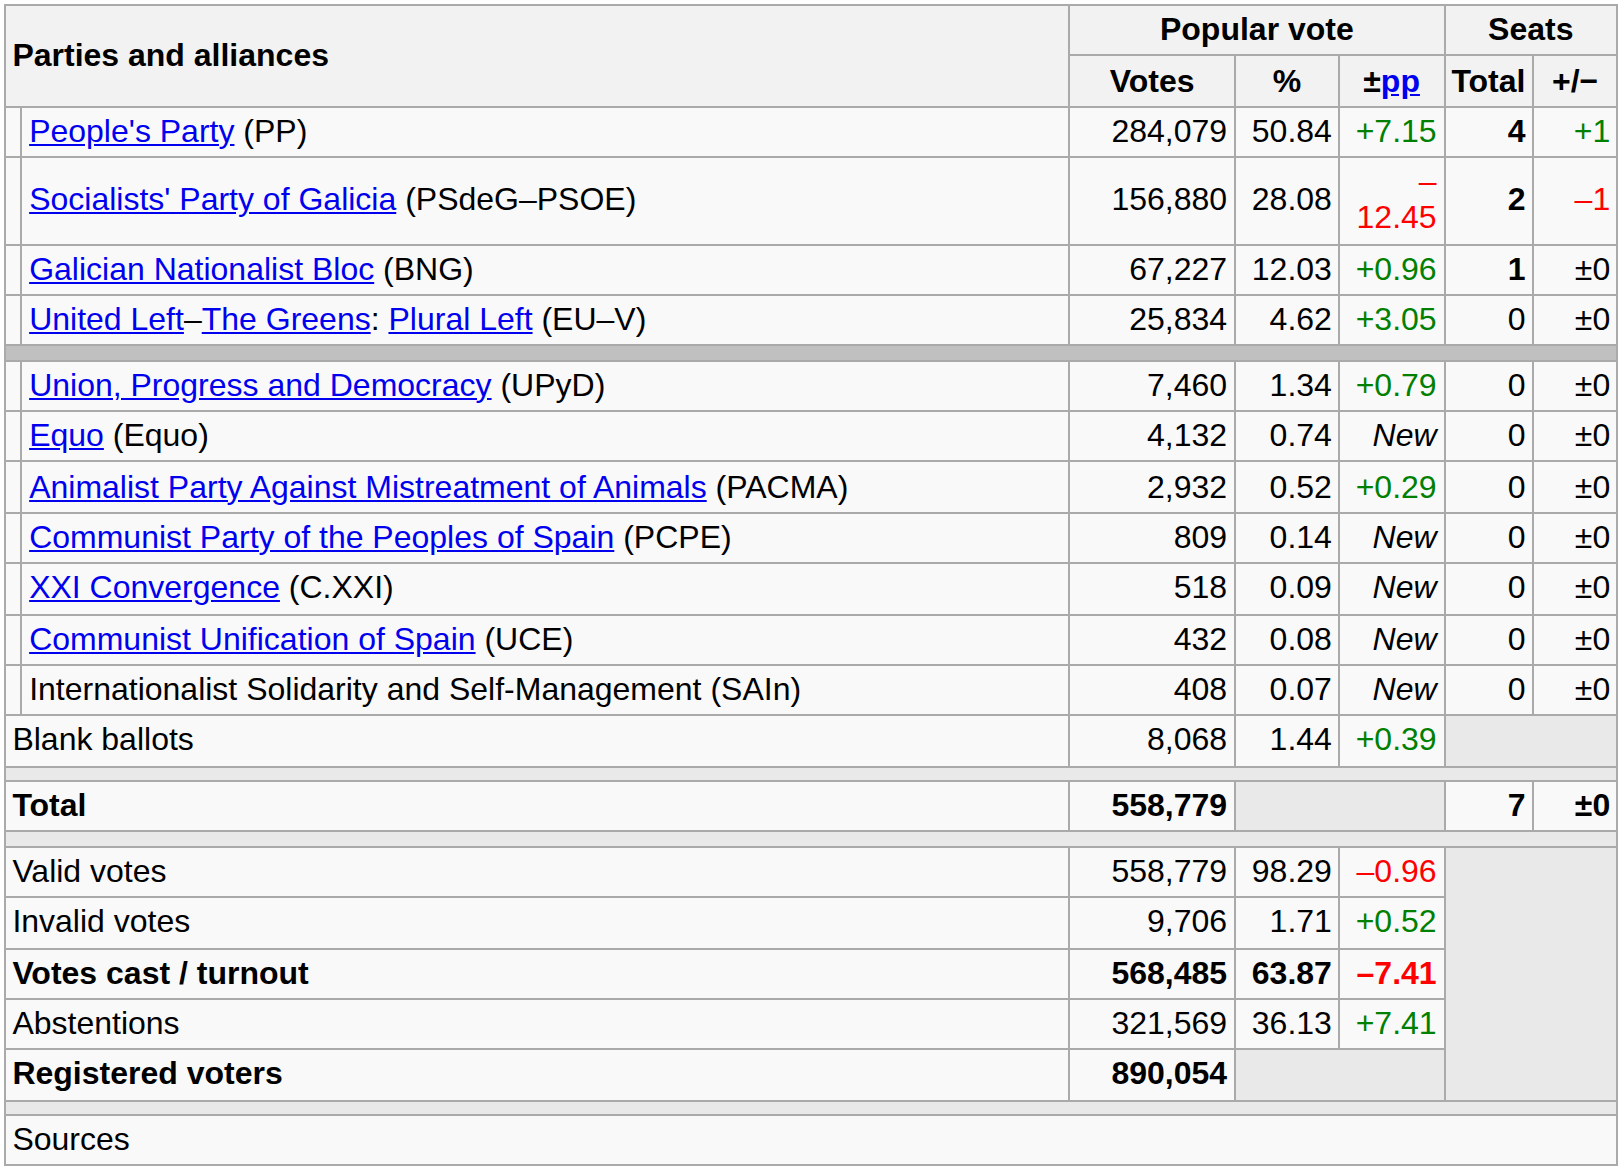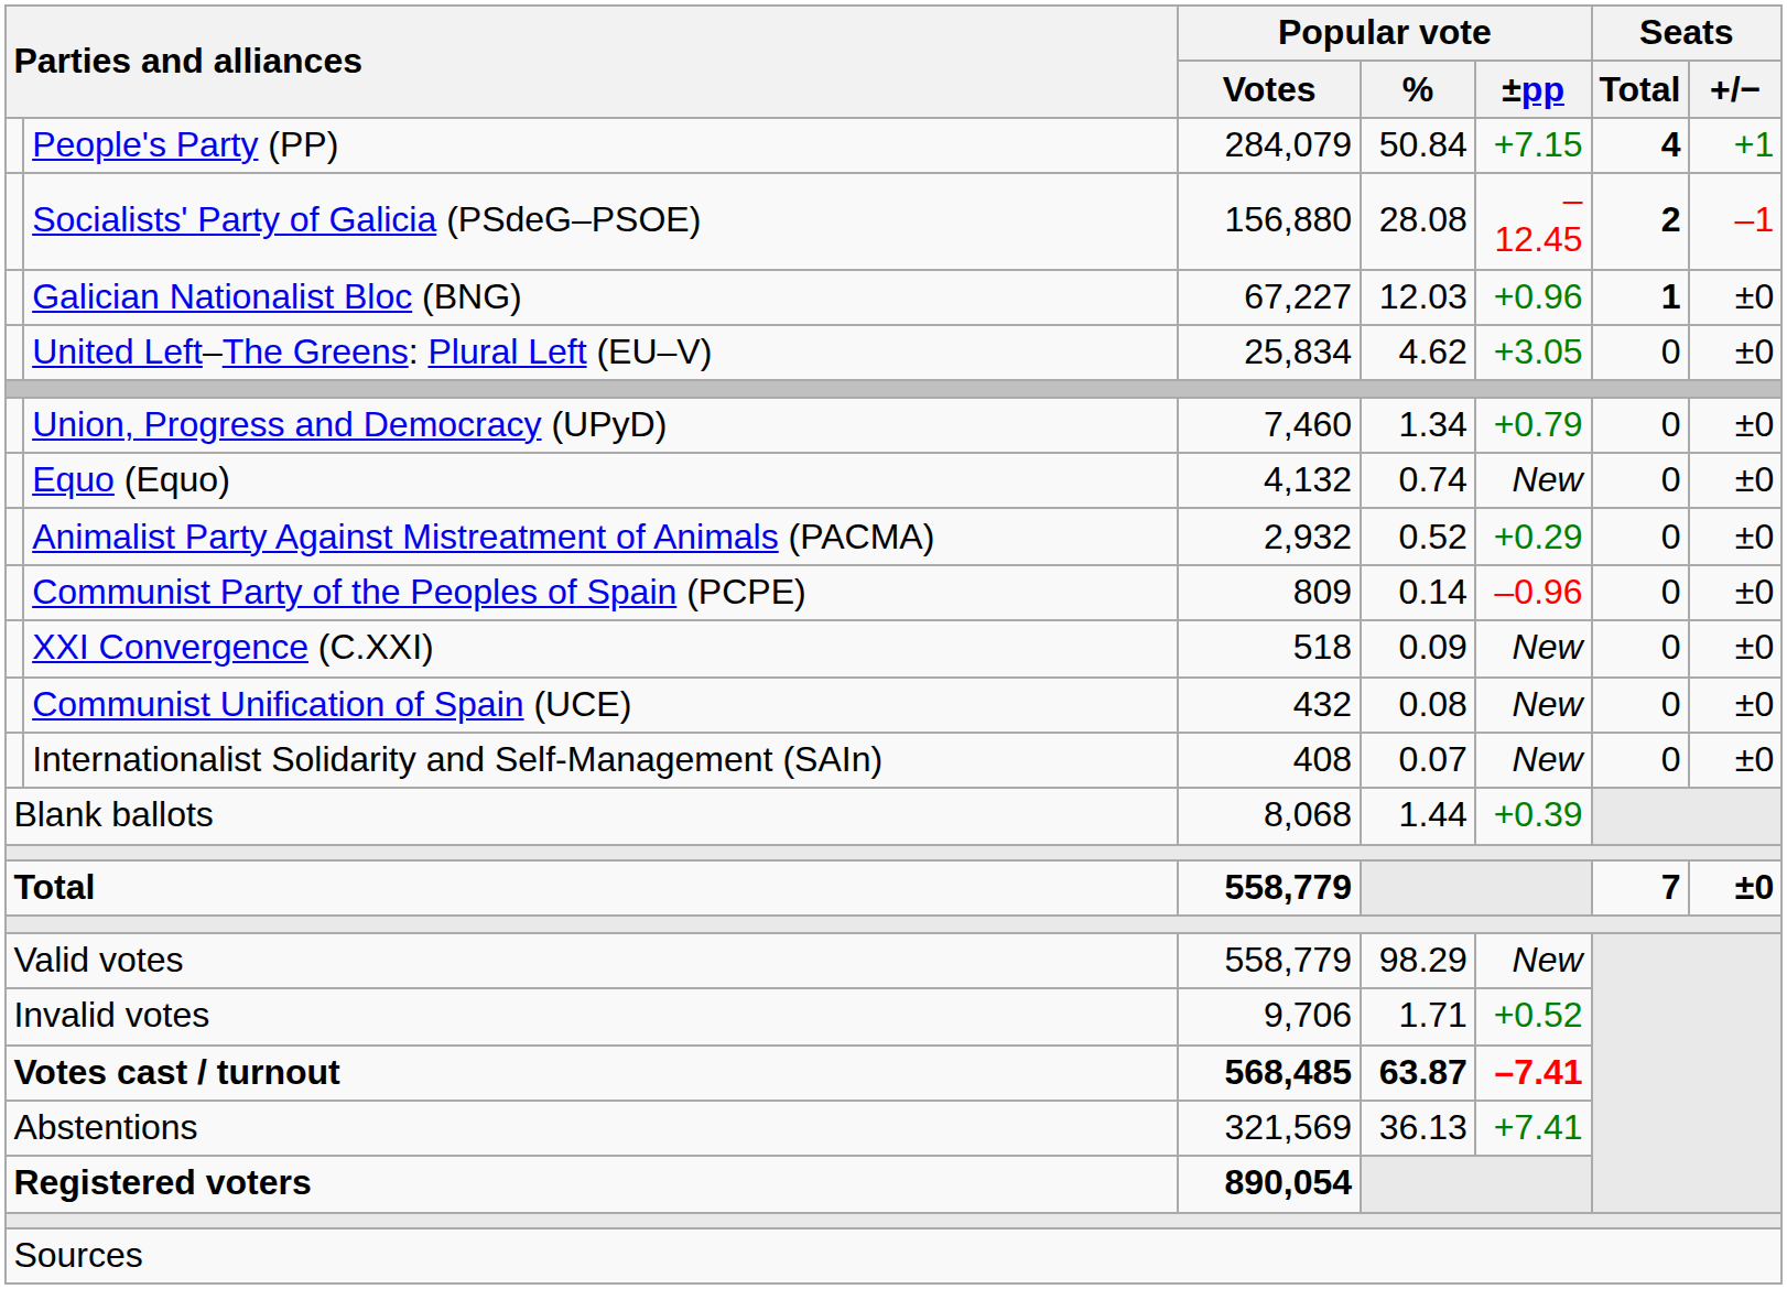 <table class="wikitable" style="text-align:right;">
 <tr>
 <th style="text-align:left;" rowspan="2" colspan="2" width="525">Parties and alliances</th>
 <th colspan="3">Popular vote</th>
 <th colspan="2">Seats</th>
 </tr>
 <tr>
 <th width="75">Votes</th>
 <th width="45">%</th>
 <th width="45">±<a href='#'>pp</a></th>
 <th width="35">Total</th>
 <th width="35">+/−</th>
 </tr>
 <tr>
 <td width="1" style="color:inherit;background:"></td>
 <td align="left"><a href='#'>People's Party</a> (PP)</td>
 <td>284,079</td>
 <td>50.84</td>
 <td style="color:green;">+7.15</td>
 <td><strong>4</strong></td>
 <td style="color:green;">+1</td>
 </tr>
 <tr>
 <td style="color:inherit;background:"></td>
 <td align="left"><a href='#'>Socialists' Party of Galicia</a> (PSdeG–PSOE)</td>
 <td>156,880</td>
 <td>28.08</td>
 <td style="color:red;">–12.45</td>
 <td><strong>2</strong></td>
 <td style="color:red;">–1</td>
 </tr>
 <tr>
 <td style="color:inherit;background:"></td>
 <td align="left"><a href='#'>Galician Nationalist Bloc</a> (BNG)</td>
 <td>67,227</td>
 <td>12.03</td>
 <td style="color:green;">+0.96</td>
 <td><strong>1</strong></td>
 <td>±0</td>
 </tr>
 <tr>
 <td style="color:inherit;background:"></td>
 <td align="left"><a href='#'>United Left</a>–<a href='#'>The Greens</a>: <a href='#'>Plural Left</a> (EU–V)</td>
 <td>25,834</td>
 <td>4.62</td>
 <td style="color:green;">+3.05</td>
 <td>0</td>
 <td>±0</td>
 </tr>
 <tr>
 <td colspan="7" bgcolor="#C0C0C0"></td>
 </tr>
 <tr>
 <td style="color:inherit;background:"></td>
 <td align="left"><a href='#'>Union, Progress and Democracy</a> (UPyD)</td>
 <td>7,460</td>
 <td>1.34</td>
 <td style="color:green;">+0.79</td>
 <td>0</td>
 <td>±0</td>
 </tr>
 <tr>
 <td style="color:inherit;background:"></td>
 <td align="left"><a href='#'>Equo</a> (Equo)</td>
 <td>4,132</td>
 <td>0.74</td>
 <td><em>New</em></td>
 <td>0</td>
 <td>±0</td>
 </tr>
 <tr>
 <td style="color:inherit;background:"></td>
 <td align="left"><a href='#'>Animalist Party Against Mistreatment of Animals</a> (PACMA)</td>
 <td>2,932</td>
 <td>0.52</td>
 <td style="color:green;">+0.29</td>
 <td>0</td>
 <td>±0</td>
 </tr>
 <tr>
 <td style="color:inherit;background:"></td>
 <td align="left"><a href='#'>Communist Party of the Peoples of Spain</a> (PCPE)</td>
 <td>809</td>
 <td>0.14</td>
-<td><em>New</em></td>
+<td style="color:red;">–0.96</td>
 <td>0</td>
 <td>±0</td>
 </tr>
 <tr>
 <td style="color:inherit;background:"></td>
 <td align="left"><a href='#'>XXI Convergence</a> (C.XXI)</td>
 <td>518</td>
 <td>0.09</td>
 <td><em>New</em></td>
 <td>0</td>
 <td>±0</td>
 </tr>
 <tr>
 <td style="color:inherit;background:"></td>
 <td align="left"><a href='#'>Communist Unification of Spain</a> (UCE)</td>
 <td>432</td>
 <td>0.08</td>
 <td><em>New</em></td>
 <td>0</td>
 <td>±0</td>
 </tr>
 <tr>
 <td style="color:inherit;background:"></td>
 <td align="left">Internationalist Solidarity and Self-Management (SAIn)</td>
 <td>408</td>
 <td>0.07</td>
 <td><em>New</em></td>
 <td>0</td>
 <td>±0</td>
 </tr>
 <tr>
 <td align="left" colspan="2">Blank ballots</td>
 <td>8,068</td>
 <td>1.44</td>
 <td style="color:green;">+0.39</td>
 <td bgcolor="#E9E9E9" colspan="2"></td>
 </tr>
 <tr>
 <td colspan="7" bgcolor="#E9E9E9"></td>
 </tr>
 <tr style="font-weight:bold;">
 <td align="left" colspan="2">Total</td>
 <td>558,779</td>
 <td bgcolor="#E9E9E9" colspan="2"></td>
 <td>7</td>
 <td>±0</td>
 </tr>
 <tr>
 <td colspan="7" bgcolor="#E9E9E9"></td>
 </tr>
 <tr>
 <td align="left" colspan="2">Valid votes</td>
 <td>558,779</td>
 <td>98.29</td>
-<td style="color:red;">–0.96</td>
+<td><em>New</em></td>
 <td bgcolor="#E9E9E9" colspan="2" rowspan="5"></td>
 </tr>
 <tr>
 <td align="left" colspan="2">Invalid votes</td>
 <td>9,706</td>
 <td>1.71</td>
 <td style="color:green;">+0.52</td>
 </tr>
 <tr style="font-weight:bold;">
 <td align="left" colspan="2">Votes cast / turnout</td>
 <td>568,485</td>
 <td>63.87</td>
 <td style="color:red;">–7.41</td>
 </tr>
 <tr>
 <td align="left" colspan="2">Abstentions</td>
 <td>321,569</td>
 <td>36.13</td>
 <td style="color:green;">+7.41</td>
 </tr>
 <tr style="font-weight:bold;">
 <td align="left" colspan="2">Registered voters</td>
 <td>890,054</td>
 <td bgcolor="#E9E9E9" colspan="2"></td>
 </tr>
 <tr>
 <td colspan="7" bgcolor="#E9E9E9"></td>
 </tr>
 <tr>
 <td align="left" colspan="7">Sources</td>
 </tr>
 </table>
